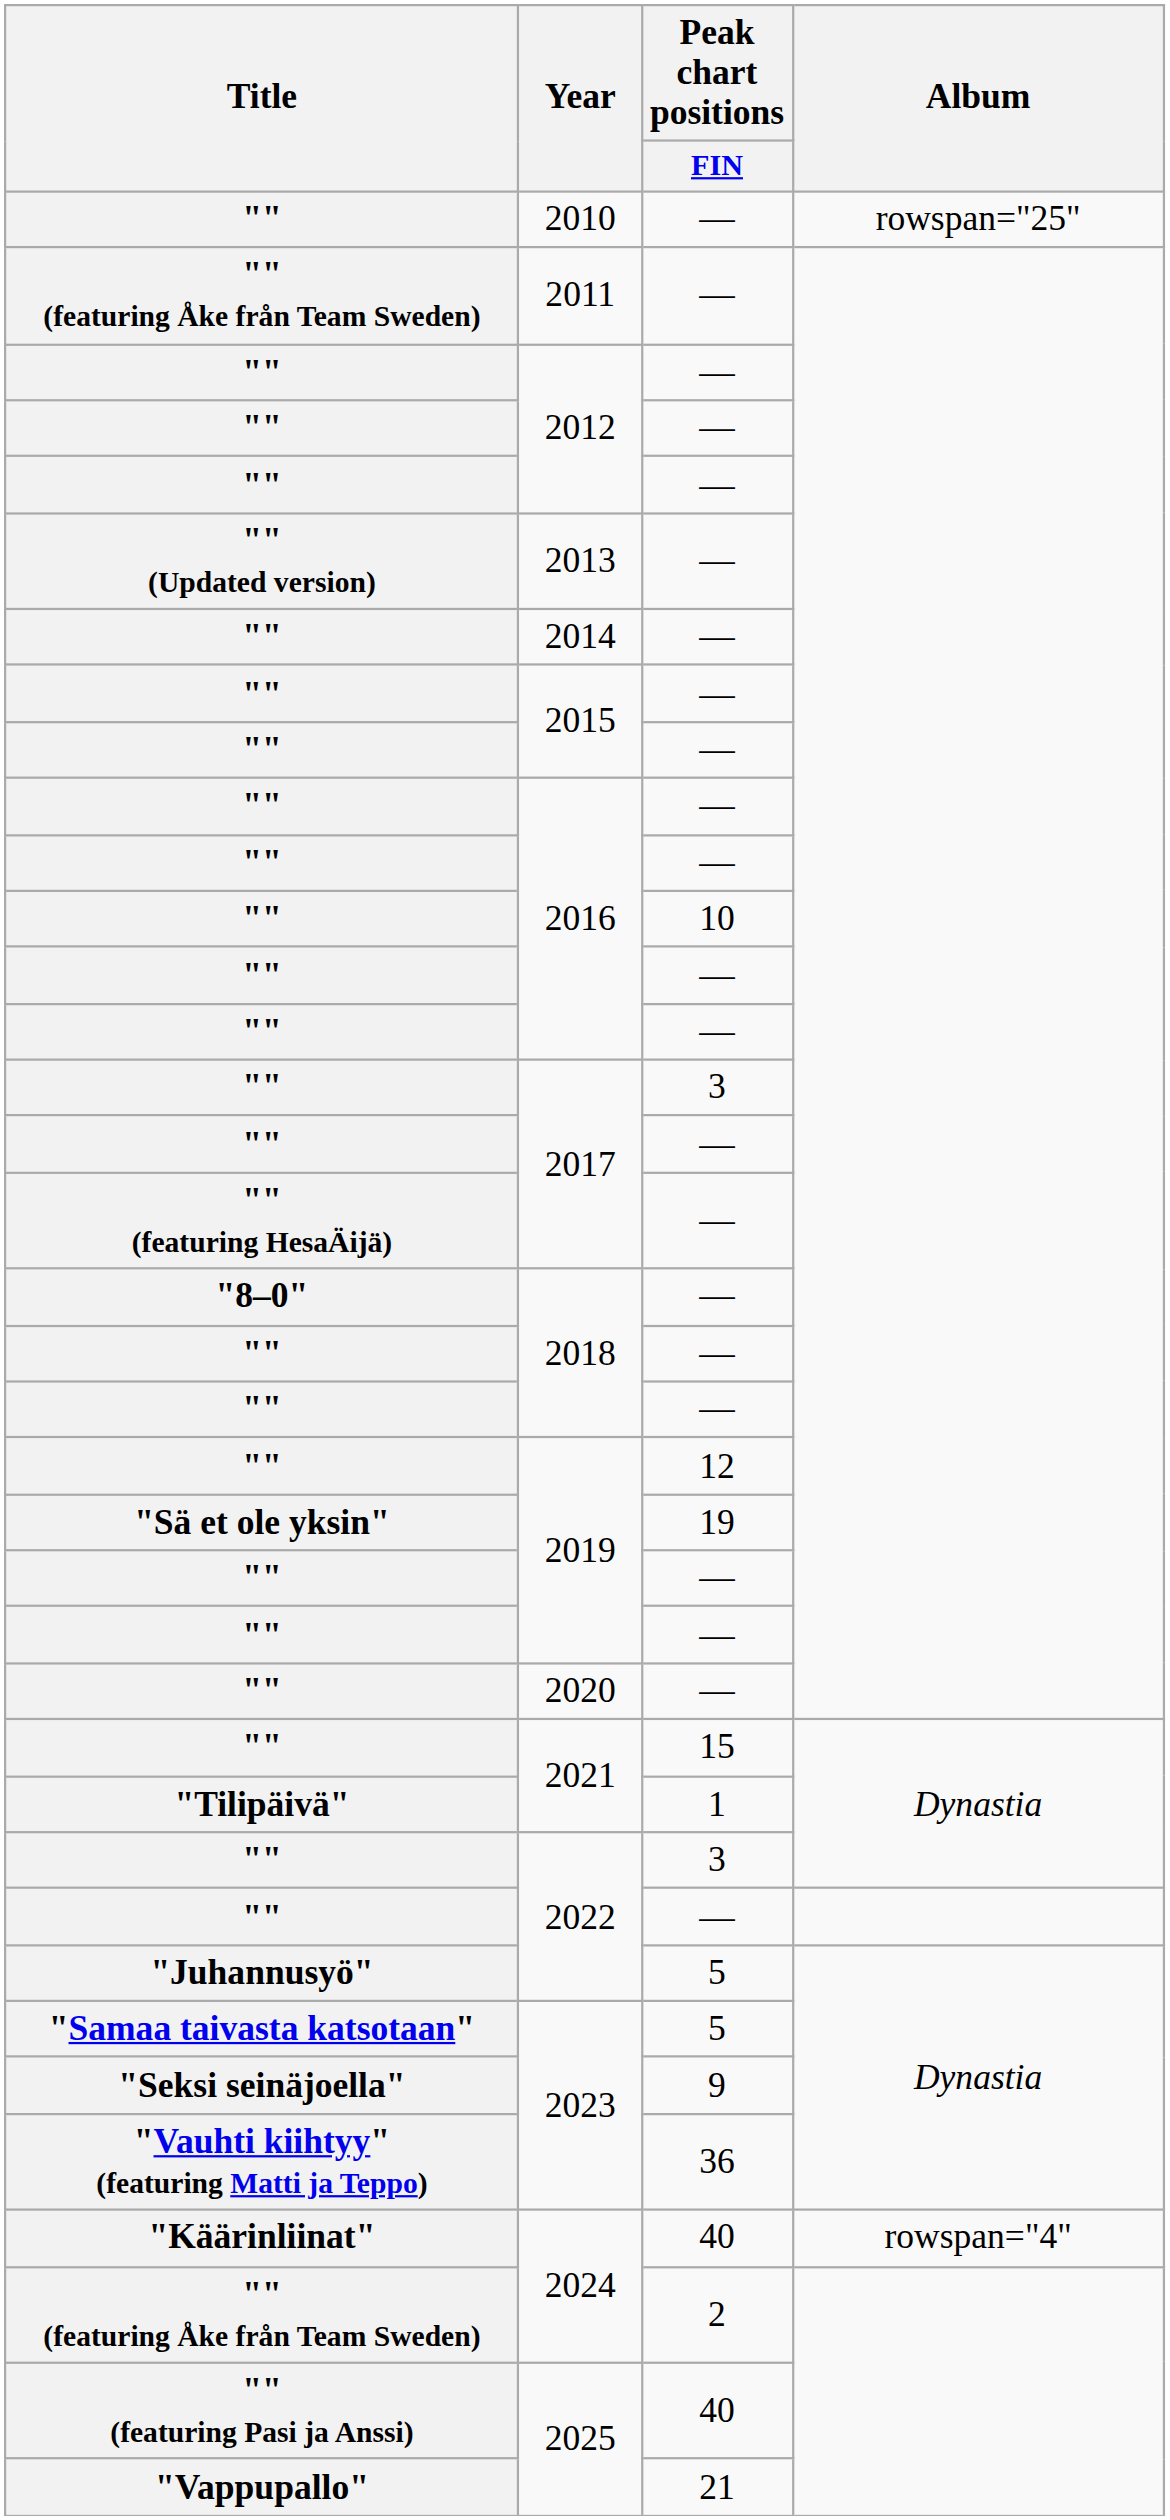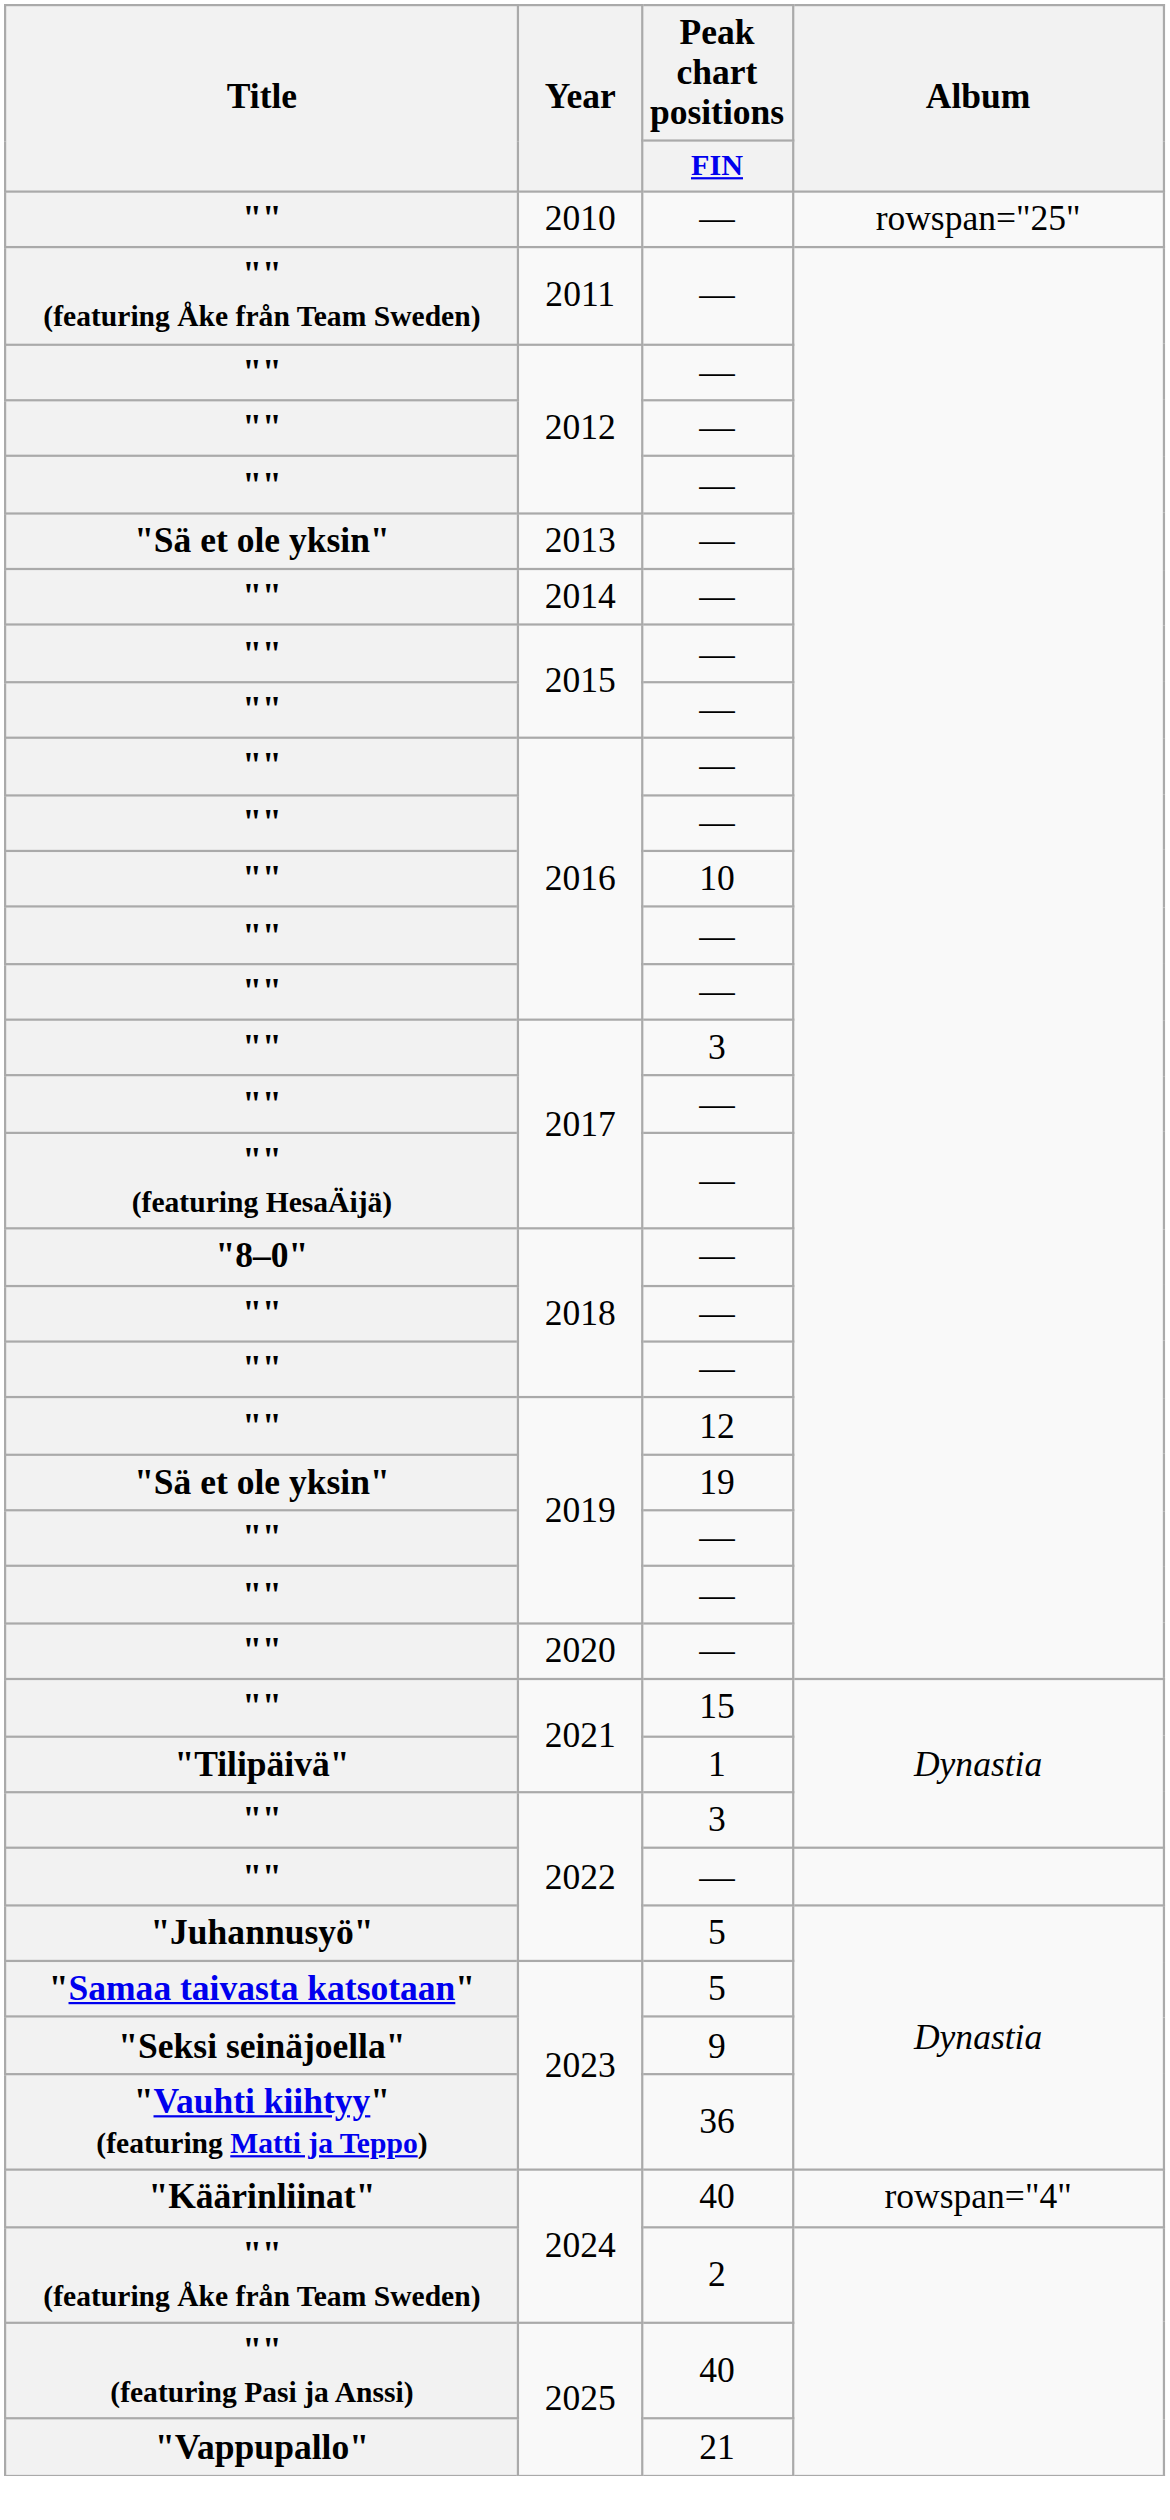 <table class="wikitable plainrowheaders" style="text-align:center;">
 <tr>
 <th scope="col" rowspan="2" style="width:14em;">Title</th>
 <th scope="col" rowspan="2" style="width:3em;">Year</th>
 <th scope="col">Peak chart positions</th>
 <th scope="col" rowspan="2" style="width:10em;">Album</th>
 </tr>
 <tr>
 <th scope="col" style="width:3em;font-size:85%;"><a href='#'>FIN</a><br></th>
 </tr>
 <tr>
 <th scope="row">""</th>
 <td>2010</td>
 <td>—</td>
 <td>rowspan="25" </td>
 </tr>
 <tr>
 <th scope="row">""<br><small>(featuring Åke från Team Sweden)</small></th>
 <td>2011</td>
 <td>—</td>
 </tr>
 <tr>
 <th scope="row">""</th>
 <td rowspan="3">2012</td>
 <td>—</td>
 </tr>
 <tr>
 <th scope="row">""</th>
 <td>—</td>
 </tr>
 <tr>
 <th scope="row">""</th>
 <td>—</td>
 </tr>
 <tr>
-<th scope="row">""<br><small>(Updated version)</small></th>
+<th scope="row">"Sä et ole yksin"</th>
 <td>2013</td>
 <td>—</td>
 </tr>
 <tr>
 <th scope="row">""</th>
 <td>2014</td>
 <td>—</td>
 </tr>
 <tr>
 <th scope="row">""</th>
 <td rowspan="2">2015</td>
 <td>—</td>
 </tr>
 <tr>
 <th scope="row">""</th>
 <td>—</td>
 </tr>
 <tr>
 <th scope="row">""</th>
 <td rowspan="5">2016</td>
 <td>—</td>
 </tr>
 <tr>
 <th scope="row">""</th>
 <td>—</td>
 </tr>
 <tr>
 <th scope="row">""</th>
 <td>10</td>
 </tr>
 <tr>
 <th scope="row">""</th>
 <td>—</td>
 </tr>
 <tr>
 <th scope="row">""</th>
 <td>—</td>
 </tr>
 <tr>
 <th scope="row">""</th>
 <td rowspan="3">2017</td>
 <td>3</td>
 </tr>
 <tr>
 <th scope="row">""</th>
 <td>—</td>
 </tr>
 <tr>
 <th scope="row">""<br><small>(featuring HesaÄijä)</small></th>
 <td>—</td>
 </tr>
 <tr>
 <th scope="row">"8–0"</th>
 <td rowspan="3">2018</td>
 <td>—</td>
 </tr>
 <tr>
 <th scope="row">""</th>
 <td>—</td>
 </tr>
 <tr>
 <th scope="row">""</th>
 <td>—</td>
 </tr>
 <tr>
 <th scope="row">""</th>
 <td rowspan="4">2019</td>
 <td>12</td>
 </tr>
 <tr>
 <th scope="row">"Sä et ole yksin"</th>
 <td>19</td>
 </tr>
 <tr>
 <th scope="row">""</th>
 <td>—</td>
 </tr>
 <tr>
 <th scope="row">""</th>
 <td>—</td>
 </tr>
 <tr>
 <th scope="row">""</th>
 <td>2020</td>
 <td>—</td>
 </tr>
 <tr>
 <th scope="row">""</th>
 <td rowspan="2">2021</td>
 <td>15</td>
 <td rowspan="3"><em>Dynastia</em></td>
 </tr>
 <tr>
 <th scope="row">"Tilipäivä"</th>
 <td>1</td>
 </tr>
 <tr>
 <th scope="row">""</th>
 <td rowspan="3">2022</td>
 <td>3</td>
 </tr>
 <tr>
 <th scope="row">""</th>
 <td>—</td>
 <td></td>
 </tr>
 <tr>
 <th scope="row">"Juhannusyö"<br></th>
 <td>5</td>
 <td rowspan="4"><em>Dynastia</em></td>
 </tr>
 <tr>
 <th scope="row">"<a href='#'>Samaa taivasta katsotaan</a>"</th>
 <td rowspan="3">2023</td>
 <td>5</td>
 </tr>
 <tr>
 <th scope="row">"Seksi seinäjoella"</th>
 <td>9</td>
 </tr>
 <tr>
 <th scope="row">"<a href='#'>Vauhti kiihtyy</a>"<br><small>(featuring <a href='#'>Matti ja Teppo</a>)</small></th>
 <td>36</td>
 </tr>
 <tr>
 <th scope="row">"Käärinliinat"</th>
 <td rowspan="2">2024</td>
 <td>40</td>
 <td>rowspan="4" </td>
 </tr>
 <tr>
 <th scope="row">""<br><small>(featuring Åke från Team Sweden)</small></th>
 <td>2</td>
 </tr>
 <tr>
 <th scope="row">""<br><small>(featuring Pasi ja Anssi)</small></th>
 <td rowspan="2">2025</td>
 <td>40</td>
 </tr>
 <tr>
 <th scope="row">"Vappupallo"</th>
 <td>21</td>
 </tr>
 </table>
